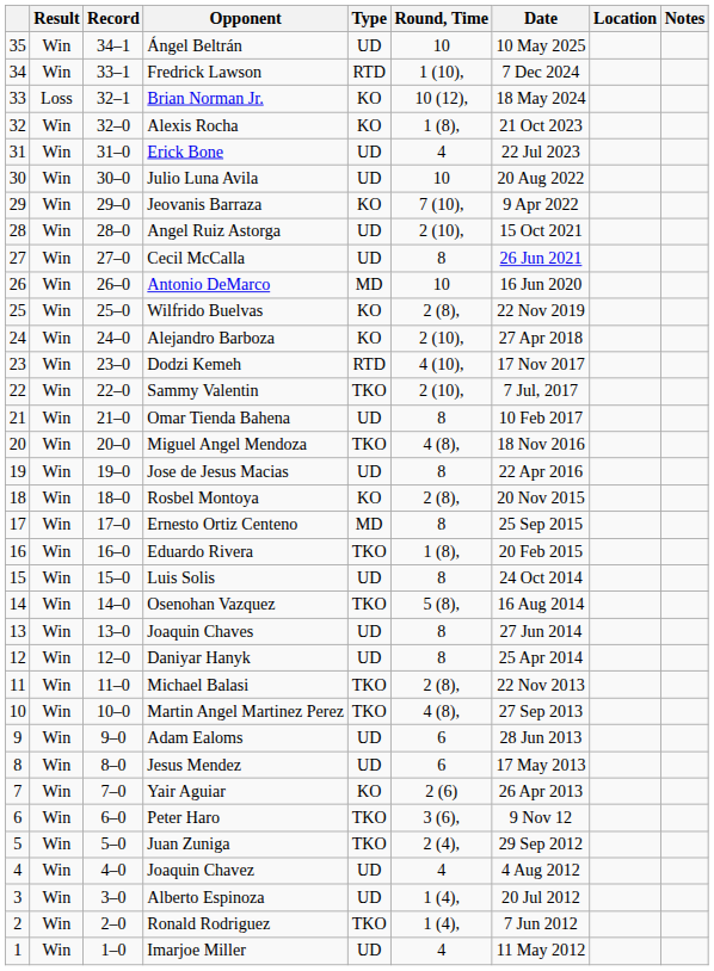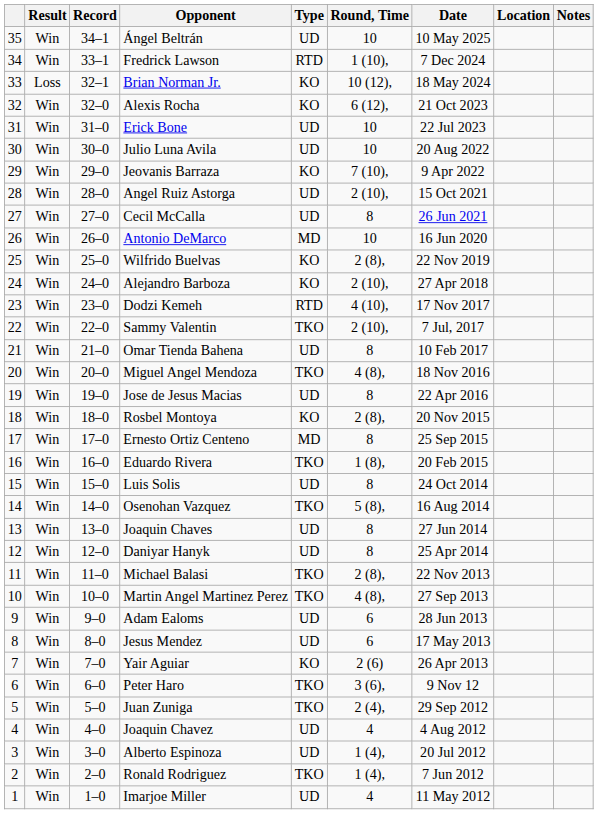 <table class="wikitable" style="text-align:center;">
 <tr>
 <th></th>
 <th>Result</th>
 <th>Record</th>
 <th>Opponent</th>
 <th>Type</th>
 <th>Round, Time</th>
 <th>Date</th>
 <th>Location</th>
 <th>Notes</th>
 </tr>
 <tr>
 <td>35</td>
 <td>Win</td>
 <td>34–1</td>
 <td align=left>Ángel Beltrán</td>
 <td>UD</td>
 <td>10</td>
 <td>10 May 2025</td>
 <td align=left></td>
 <td></td>
 </tr>
 <tr>
 <td>34</td>
 <td>Win</td>
 <td>33–1</td>
 <td align=left>Fredrick Lawson</td>
 <td>RTD</td>
 <td>1 (10), </td>
 <td>7 Dec 2024</td>
 <td align=left></td>
 <td></td>
 </tr>
 <tr>
 <td>33</td>
 <td>Loss</td>
 <td>32–1</td>
 <td align=left><a href='#'>Brian Norman Jr.</a></td>
 <td>KO</td>
 <td>10 (12), </td>
 <td>18 May 2024</td>
 <td align=left></td>
 <td align=left></td>
 </tr>
 <tr>
 <td>32</td>
 <td>Win</td>
 <td>32–0</td>
 <td align=left>Alexis Rocha</td>
 <td>KO</td>
-<td>1 (8), </td>
+<td>6 (12), </td>
 <td>21 Oct 2023</td>
 <td align=left></td>
 <td align=left></td>
 </tr>
 <tr>
 <td>31</td>
 <td>Win</td>
 <td>31–0</td>
 <td align=left><a href='#'>Erick Bone</a></td>
 <td>UD</td>
-<td>4</td>
+<td>10</td>
 <td>22 Jul 2023</td>
 <td align=left></td>
 <td></td>
 </tr>
 <tr>
 <td>30</td>
 <td>Win</td>
 <td>30–0</td>
 <td align=left>Julio Luna Avila</td>
 <td>UD</td>
 <td>10</td>
 <td>20 Aug 2022</td>
 <td align=left></td>
 <td></td>
 </tr>
 <tr>
 <td>29</td>
 <td>Win</td>
 <td>29–0</td>
 <td align=left>Jeovanis Barraza</td>
 <td>KO</td>
 <td>7 (10), </td>
 <td>9 Apr 2022</td>
 <td align=left></td>
 <td></td>
 </tr>
 <tr>
 <td>28</td>
 <td>Win</td>
 <td>28–0</td>
 <td align=left>Angel Ruiz Astorga</td>
 <td>UD</td>
 <td>2 (10), </td>
 <td>15 Oct 2021</td>
 <td align=left></td>
 <td></td>
 </tr>
 <tr>
 <td>27</td>
 <td>Win</td>
 <td>27–0</td>
 <td align=left>Cecil McCalla</td>
 <td>UD</td>
 <td>8</td>
 <td><a href='#'>26 Jun 2021</a></td>
 <td align=left></td>
 <td></td>
 </tr>
 <tr>
 <td>26</td>
 <td>Win</td>
 <td>26–0</td>
 <td align=left><a href='#'>Antonio DeMarco</a></td>
 <td>MD</td>
 <td>10</td>
 <td>16 Jun 2020</td>
 <td align=left></td>
 <td></td>
 </tr>
 <tr>
 <td>25</td>
 <td>Win</td>
 <td>25–0</td>
 <td align=left>Wilfrido Buelvas</td>
 <td>KO</td>
 <td>2 (8), </td>
 <td>22 Nov 2019</td>
 <td align=left></td>
 <td></td>
 </tr>
 <tr>
 <td>24</td>
 <td>Win</td>
 <td>24–0</td>
 <td align=left>Alejandro Barboza</td>
 <td>KO</td>
 <td>2 (10), </td>
 <td>27 Apr 2018</td>
 <td align=left></td>
 <td align=left></td>
 </tr>
 <tr>
 <td>23</td>
 <td>Win</td>
 <td>23–0</td>
 <td align=left>Dodzi Kemeh</td>
 <td>RTD</td>
 <td>4 (10), </td>
 <td>17 Nov 2017</td>
 <td align=left></td>
 <td align=left></td>
 </tr>
 <tr>
 <td>22</td>
 <td>Win</td>
 <td>22–0</td>
 <td align=left>Sammy Valentin</td>
 <td>TKO</td>
 <td>2 (10), </td>
 <td>7 Jul, 2017</td>
 <td align=left></td>
 <td align=left></td>
 </tr>
 <tr>
 <td>21</td>
 <td>Win</td>
 <td>21–0</td>
 <td align=left>Omar Tienda Bahena</td>
 <td>UD</td>
 <td>8</td>
 <td>10 Feb 2017</td>
 <td align=left></td>
 <td></td>
 </tr>
 <tr>
 <td>20</td>
 <td>Win</td>
 <td>20–0</td>
 <td align=left>Miguel Angel Mendoza</td>
 <td>TKO</td>
 <td>4 (8), </td>
 <td>18 Nov 2016</td>
 <td align=left></td>
 <td></td>
 </tr>
 <tr>
 <td>19</td>
 <td>Win</td>
 <td>19–0</td>
 <td align=left>Jose de Jesus Macias</td>
 <td>UD</td>
 <td>8</td>
 <td>22 Apr 2016</td>
 <td align=left></td>
 <td></td>
 </tr>
 <tr>
 <td>18</td>
 <td>Win</td>
 <td>18–0</td>
 <td align=left>Rosbel Montoya</td>
 <td>KO</td>
 <td>2 (8), </td>
 <td>20 Nov 2015</td>
 <td align=left></td>
 <td></td>
 </tr>
 <tr>
 <td>17</td>
 <td>Win</td>
 <td>17–0</td>
 <td align=left>Ernesto Ortiz Centeno</td>
 <td>MD</td>
 <td>8</td>
 <td>25 Sep 2015</td>
 <td align=left></td>
 <td></td>
 </tr>
 <tr>
 <td>16</td>
 <td>Win</td>
 <td>16–0</td>
 <td align=left>Eduardo Rivera</td>
 <td>TKO</td>
 <td>1 (8), </td>
 <td>20 Feb 2015</td>
 <td align=left></td>
 <td></td>
 </tr>
 <tr>
 <td>15</td>
 <td>Win</td>
 <td>15–0</td>
 <td align=left>Luis Solis</td>
 <td>UD</td>
 <td>8</td>
 <td>24 Oct 2014</td>
 <td align=left></td>
 <td align=left></td>
 </tr>
 <tr>
 <td>14</td>
 <td>Win</td>
 <td>14–0</td>
 <td align=left>Osenohan Vazquez</td>
 <td>TKO</td>
 <td>5 (8), </td>
 <td>16 Aug 2014</td>
 <td align=left></td>
 <td align=left></td>
 </tr>
 <tr>
 <td>13</td>
 <td>Win</td>
 <td>13–0</td>
 <td align=left>Joaquin Chaves</td>
 <td>UD</td>
 <td>8</td>
 <td>27 Jun 2014</td>
 <td align=left></td>
 <td></td>
 </tr>
 <tr>
 <td>12</td>
 <td>Win</td>
 <td>12–0</td>
 <td align=left>Daniyar Hanyk</td>
 <td>UD</td>
 <td>8</td>
 <td>25 Apr 2014</td>
 <td align=left></td>
 <td></td>
 </tr>
 <tr>
 <td>11</td>
 <td>Win</td>
 <td>11–0</td>
 <td align=left>Michael Balasi</td>
 <td>TKO</td>
 <td>2 (8), </td>
 <td>22 Nov 2013</td>
 <td align=left></td>
 <td></td>
 </tr>
 <tr>
 <td>10</td>
 <td>Win</td>
 <td>10–0</td>
 <td align=left>Martin Angel Martinez Perez</td>
 <td>TKO</td>
 <td>4 (8), </td>
 <td>27 Sep 2013</td>
 <td align=left></td>
 <td></td>
 </tr>
 <tr>
 <td>9</td>
 <td>Win</td>
 <td>9–0</td>
 <td align=left>Adam Ealoms</td>
 <td>UD</td>
 <td>6</td>
 <td>28 Jun 2013</td>
 <td align=left></td>
 <td></td>
 </tr>
 <tr>
 <td>8</td>
 <td>Win</td>
 <td>8–0</td>
 <td align=left>Jesus Mendez</td>
 <td>UD</td>
 <td>6</td>
 <td>17 May 2013</td>
 <td align=left></td>
 <td></td>
 </tr>
 <tr>
 <td>7</td>
 <td>Win</td>
 <td>7–0</td>
 <td align=left>Yair Aguiar</td>
 <td>KO</td>
 <td>2 (6) </td>
 <td>26 Apr 2013</td>
 <td align=left></td>
 <td></td>
 </tr>
 <tr>
 <td>6</td>
 <td>Win</td>
 <td>6–0</td>
 <td align=left>Peter Haro</td>
 <td>TKO</td>
 <td>3 (6), </td>
 <td>9 Nov 12</td>
 <td align=left></td>
 <td></td>
 </tr>
 <tr>
 <td>5</td>
 <td>Win</td>
 <td>5–0</td>
 <td align=left>Juan Zuniga</td>
 <td>TKO</td>
 <td>2 (4), </td>
 <td>29 Sep 2012</td>
 <td align=left></td>
 <td></td>
 </tr>
 <tr>
 <td>4</td>
 <td>Win</td>
 <td>4–0</td>
 <td align=left>Joaquin Chavez</td>
 <td>UD</td>
 <td>4</td>
 <td>4 Aug 2012</td>
 <td align=left></td>
 <td></td>
 </tr>
 <tr>
 <td>3</td>
 <td>Win</td>
 <td>3–0</td>
 <td align=left>Alberto Espinoza</td>
 <td>UD</td>
 <td>1 (4), </td>
 <td>20 Jul 2012</td>
 <td align=left></td>
 <td></td>
 </tr>
 <tr>
 <td>2</td>
 <td>Win</td>
 <td>2–0</td>
 <td align=left>Ronald Rodriguez</td>
 <td>TKO</td>
 <td>1 (4), </td>
 <td>7 Jun 2012</td>
 <td align=left></td>
 <td></td>
 </tr>
 <tr>
 <td>1</td>
 <td>Win</td>
 <td>1–0</td>
 <td align=left>Imarjoe Miller</td>
 <td>UD</td>
 <td>4</td>
 <td>11 May 2012</td>
 <td align=left></td>
 <td></td>
 </tr>
 </table>
